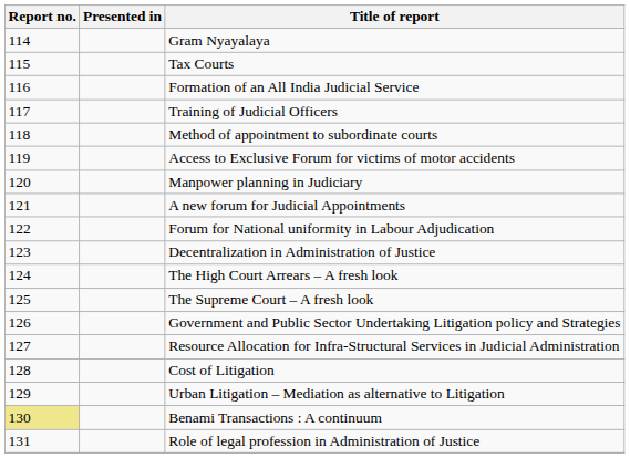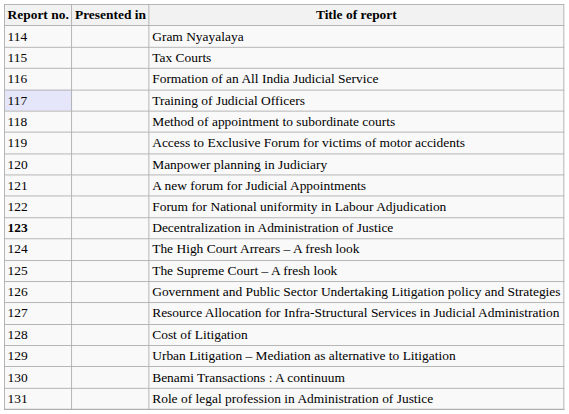 <table class="wikitable">
 <tr>
 <th>Report no.</th>
 <th>Presented in</th>
 <th>Title of report</th>
 </tr>
 <tr>
 <td>114</td>
 <td></td>
 <td>Gram Nyayalaya</td>
 </tr>
 <tr>
 <td>115</td>
 <td></td>
 <td>Tax Courts</td>
 </tr>
 <tr>
 <td>116</td>
 <td></td>
 <td>Formation of an All India Judicial Service</td>
 </tr>
 <tr>
-<td>117</td>
+<td style="background: lavender;">117</td>
 <td></td>
 <td>Training of Judicial Officers</td>
 </tr>
 <tr>
 <td>118</td>
 <td></td>
 <td>Method of appointment to subordinate courts</td>
 </tr>
 <tr>
 <td>119</td>
 <td></td>
 <td>Access to Exclusive Forum for victims of motor accidents</td>
 </tr>
 <tr>
 <td>120</td>
 <td></td>
 <td>Manpower planning in Judiciary</td>
 </tr>
 <tr>
 <td>121</td>
 <td></td>
 <td>A new forum for Judicial Appointments</td>
 </tr>
 <tr>
 <td>122</td>
 <td></td>
 <td>Forum for National uniformity in Labour Adjudication</td>
 </tr>
 <tr>
-<td>123</td>
+<td><strong>123</strong></td>
 <td></td>
 <td>Decentralization in Administration of Justice</td>
 </tr>
 <tr>
 <td>124</td>
 <td></td>
 <td>The High Court Arrears – A fresh look</td>
 </tr>
 <tr>
 <td>125</td>
 <td></td>
 <td>The Supreme Court – A fresh look</td>
 </tr>
 <tr>
 <td>126</td>
 <td></td>
 <td>Government and Public Sector Undertaking Litigation policy and Strategies</td>
 </tr>
 <tr>
 <td>127</td>
 <td></td>
 <td>Resource Allocation for Infra-Structural Services in Judicial Administration</td>
 </tr>
 <tr>
 <td>128</td>
 <td></td>
 <td>Cost of Litigation</td>
 </tr>
 <tr>
 <td>129</td>
 <td></td>
 <td>Urban Litigation – Mediation as alternative to Litigation</td>
 </tr>
 <tr>
-<td style="background: khaki;">130</td>
+<td>130</td>
 <td></td>
 <td>Benami Transactions : A continuum</td>
 </tr>
 <tr>
 <td>131</td>
 <td></td>
 <td>Role of legal profession in Administration of Justice</td>
 </tr>
 <tr>
 </tr>
 </table>
